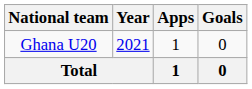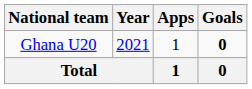 <table class="wikitable" style="text-align:center">
 <tr>
 <th>National team</th>
 <th>Year</th>
 <th>Apps</th>
 <th>Goals</th>
 </tr>
 <tr>
 <td rowspan="1"><a href='#'>Ghana U20</a></td>
 <td><a href='#'>2021</a></td>
 <td>1</td>
-<td>0</td>
+<td><strong>0</strong></td>
 </tr>
 <tr>
 <th colspan="2">Total</th>
 <th>1</th>
 <th>0</th>
 </tr>
 </table>
